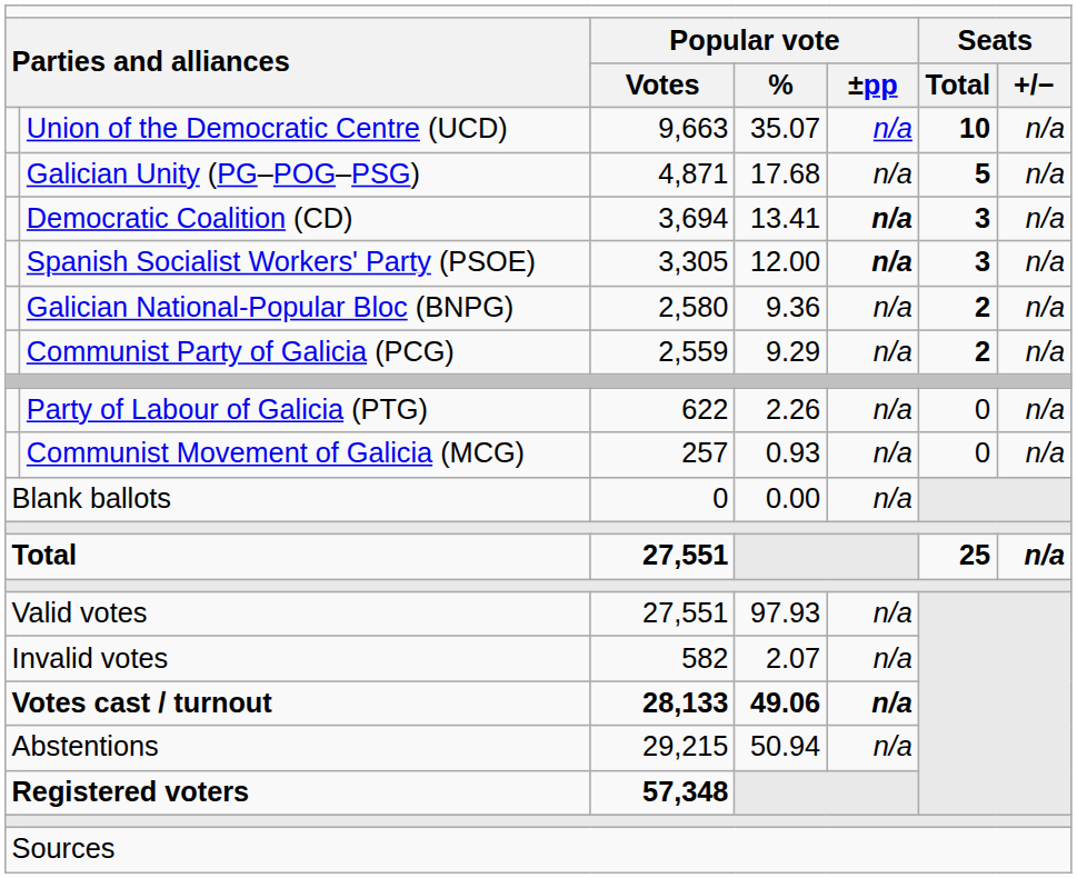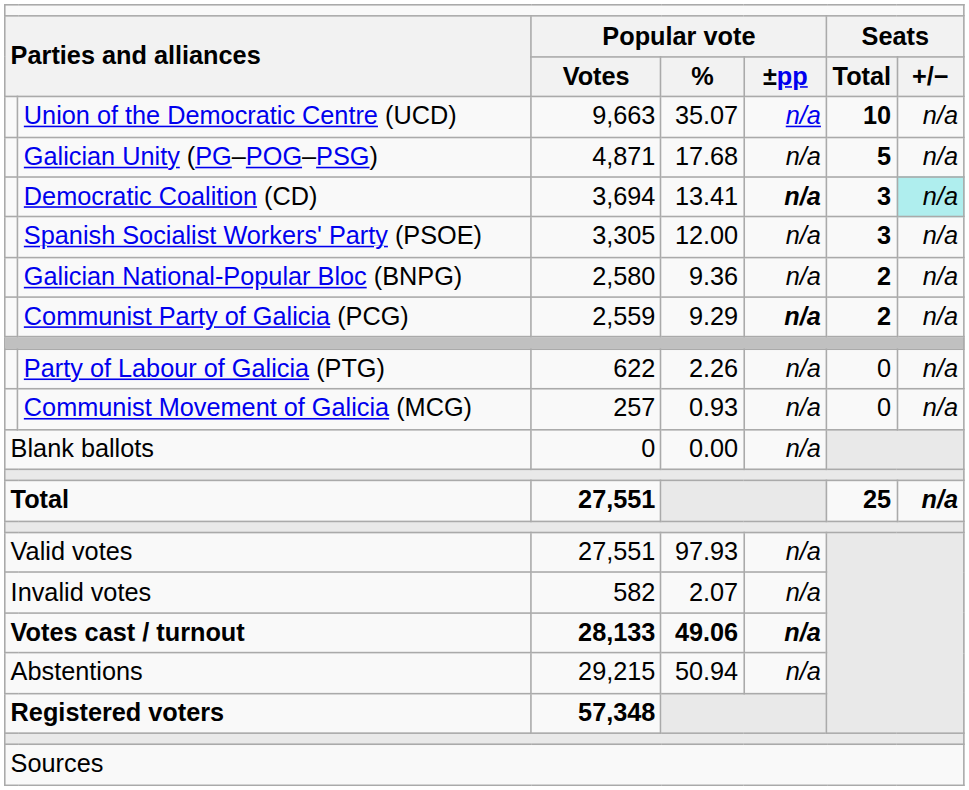 <table class="wikitable" style="text-align:right;">
 <tr>
 <td colspan="7"></td>
 </tr>
 <tr>
 <th style="text-align:left;" rowspan="2" colspan="2" width="525">Parties and alliances</th>
 <th colspan="3">Popular vote</th>
 <th colspan="2">Seats</th>
 </tr>
 <tr>
 <th width="75">Votes</th>
 <th width="45">%</th>
 <th width="45">±<a href='#'>pp</a></th>
 <th width="35">Total</th>
 <th width="35">+/−</th>
 </tr>
 <tr>
 <td width="1" style="color:inherit;background:"></td>
 <td align="left"><a href='#'>Union of the Democratic Centre</a> (UCD)</td>
 <td>9,663</td>
 <td>35.07</td>
 <td><em><a href='#'>n/a</a></em></td>
 <td><strong>10</strong></td>
 <td><em>n/a</em></td>
 </tr>
 <tr>
 <td style="color:inherit;background:"></td>
 <td align="left"><a href='#'>Galician Unity</a> (<a href='#'>PG</a>–<a href='#'>POG</a>–<a href='#'>PSG</a>)</td>
 <td>4,871</td>
 <td>17.68</td>
 <td><em>n/a</em></td>
 <td><strong>5</strong></td>
 <td><em>n/a</em></td>
 </tr>
 <tr>
 <td style="color:inherit;background:"></td>
 <td align="left"><a href='#'>Democratic Coalition</a> (CD)</td>
 <td>3,694</td>
 <td>13.41</td>
 <td><strong><em>n/a</em></strong></td>
 <td><strong>3</strong></td>
-<td><em>n/a</em></td>
+<td style="background: paleturquoise;"><em>n/a</em></td>
 </tr>
 <tr>
 <td style="color:inherit;background:"></td>
 <td align="left"><a href='#'>Spanish Socialist Workers' Party</a> (PSOE)</td>
 <td>3,305</td>
 <td>12.00</td>
-<td><strong><em>n/a</em></strong></td>
+<td><em>n/a</em></td>
 <td><strong>3</strong></td>
 <td><em>n/a</em></td>
 </tr>
 <tr>
 <td style="color:inherit;background:"></td>
 <td align="left"><a href='#'>Galician National-Popular Bloc</a> (BNPG)</td>
 <td>2,580</td>
 <td>9.36</td>
 <td><em>n/a</em></td>
 <td><strong>2</strong></td>
 <td><em>n/a</em></td>
 </tr>
 <tr>
 <td style="color:inherit;background:"></td>
 <td align="left"><a href='#'>Communist Party of Galicia</a> (PCG)</td>
 <td>2,559</td>
 <td>9.29</td>
-<td><em>n/a</em></td>
+<td><strong><em>n/a</em></strong></td>
 <td><strong>2</strong></td>
 <td><em>n/a</em></td>
 </tr>
 <tr>
 <td colspan="7" bgcolor="#C0C0C0"></td>
 </tr>
 <tr>
 <td style="color:inherit;background:"></td>
 <td align="left"><a href='#'>Party of Labour of Galicia</a> (PTG)</td>
 <td>622</td>
 <td>2.26</td>
 <td><em>n/a</em></td>
 <td>0</td>
 <td><em>n/a</em></td>
 </tr>
 <tr>
 <td style="color:inherit;background:"></td>
 <td align="left"><a href='#'>Communist Movement of Galicia</a> (MCG)</td>
 <td>257</td>
 <td>0.93</td>
 <td><em>n/a</em></td>
 <td>0</td>
 <td><em>n/a</em></td>
 </tr>
 <tr>
 <td align="left" colspan="2">Blank ballots</td>
 <td>0</td>
 <td>0.00</td>
 <td><em>n/a</em></td>
 <td bgcolor="#E9E9E9" colspan="2"></td>
 </tr>
 <tr>
 <td colspan="7" bgcolor="#E9E9E9"></td>
 </tr>
 <tr style="font-weight:bold;">
 <td align="left" colspan="2">Total</td>
 <td>27,551</td>
 <td bgcolor="#E9E9E9" colspan="2"></td>
 <td>25</td>
 <td><em>n/a</em></td>
 </tr>
 <tr>
 <td colspan="7" bgcolor="#E9E9E9"></td>
 </tr>
 <tr>
 <td align="left" colspan="2">Valid votes</td>
 <td>27,551</td>
 <td>97.93</td>
 <td><em>n/a</em></td>
 <td bgcolor="#E9E9E9" colspan="2" rowspan="5"></td>
 </tr>
 <tr>
 <td align="left" colspan="2">Invalid votes</td>
 <td>582</td>
 <td>2.07</td>
 <td><em>n/a</em></td>
 </tr>
 <tr style="font-weight:bold;">
 <td align="left" colspan="2">Votes cast / turnout</td>
 <td>28,133</td>
 <td>49.06</td>
 <td><em>n/a</em></td>
 </tr>
 <tr>
 <td align="left" colspan="2">Abstentions</td>
 <td>29,215</td>
 <td>50.94</td>
 <td><em>n/a</em></td>
 </tr>
 <tr style="font-weight:bold;">
 <td align="left" colspan="2">Registered voters</td>
 <td>57,348</td>
 <td bgcolor="#E9E9E9" colspan="2"></td>
 </tr>
 <tr>
 <td colspan="7" bgcolor="#E9E9E9"></td>
 </tr>
 <tr>
 <td align="left" colspan="7">Sources</td>
 </tr>
 </table>
